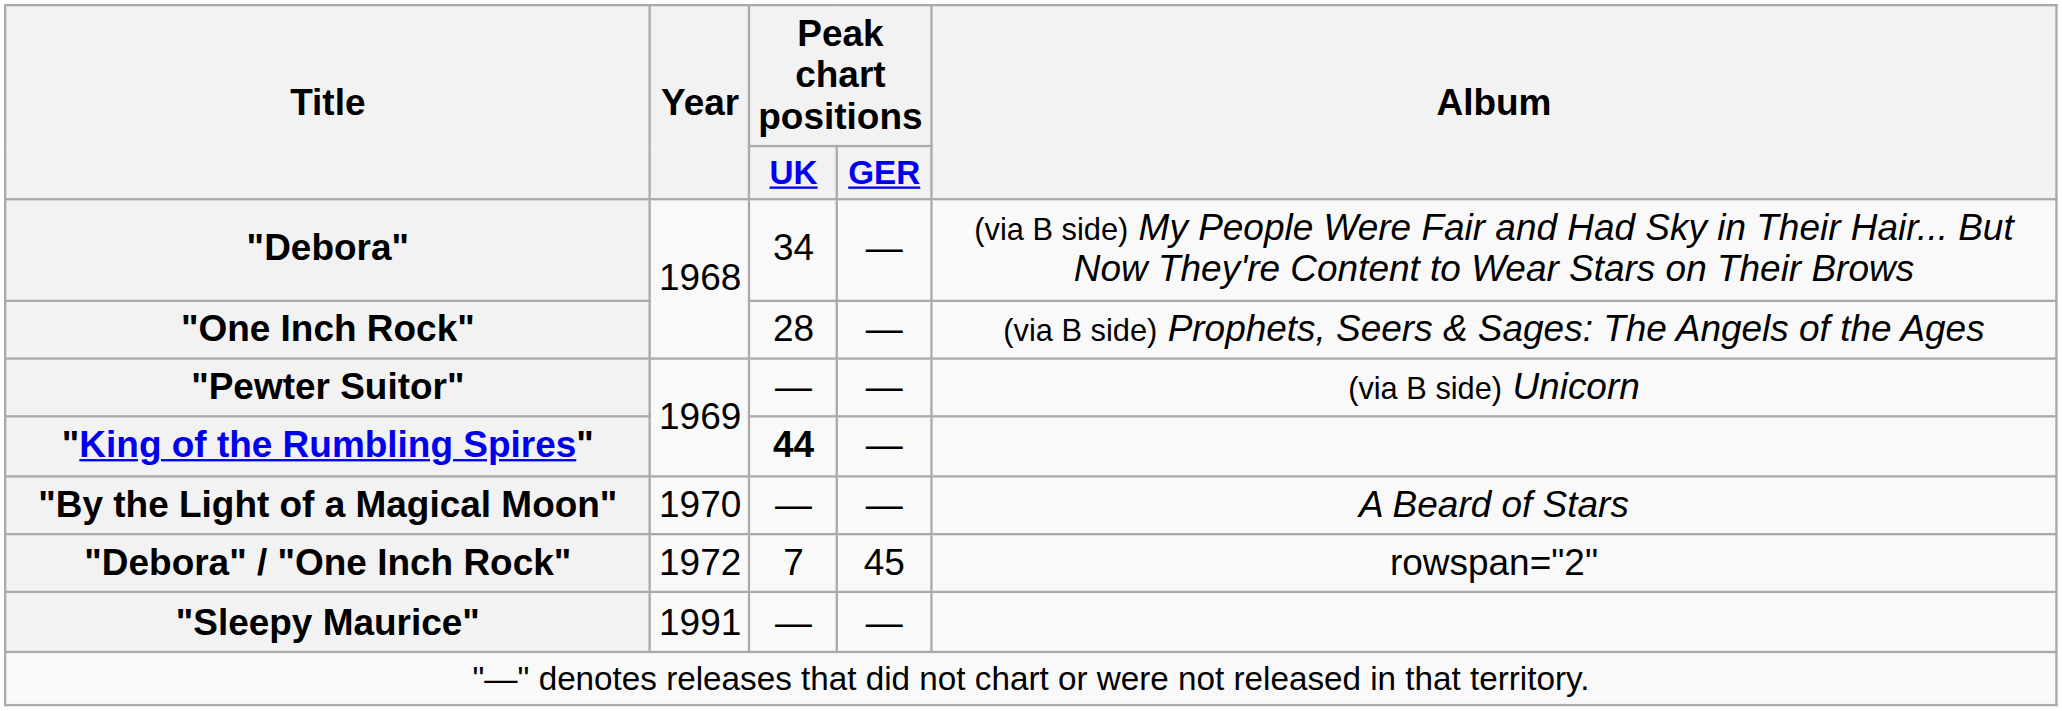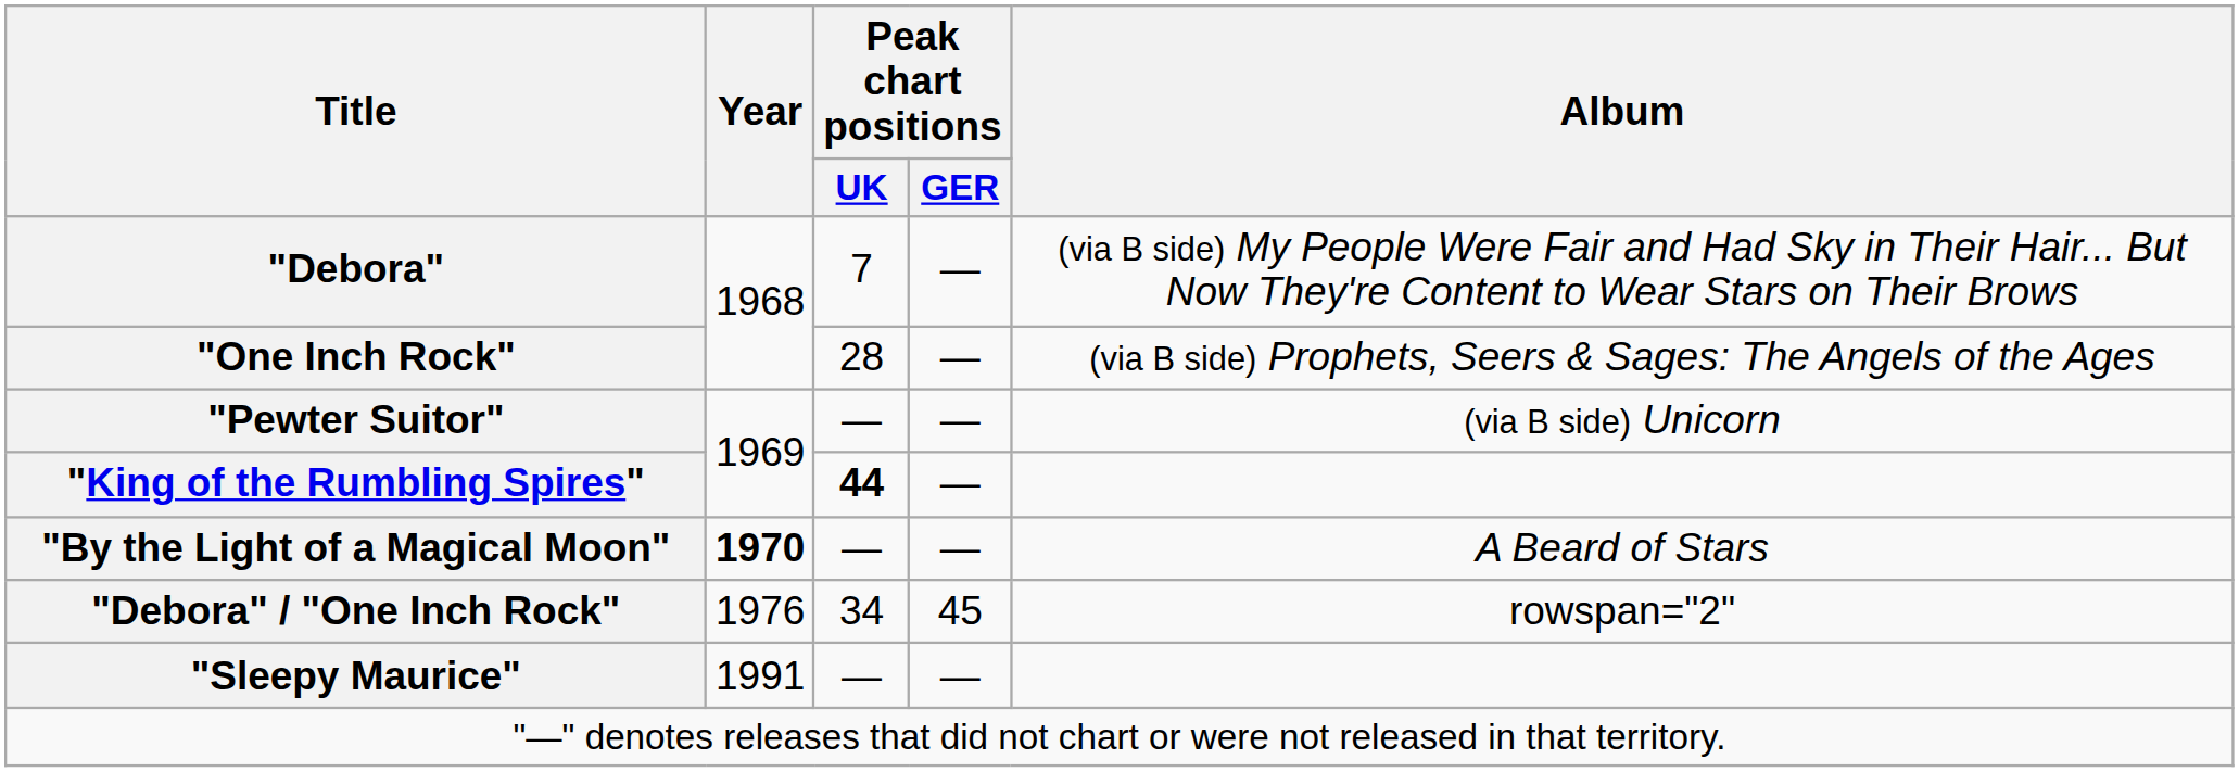 <table class="wikitable plainrowheaders" style="text-align:center;">
 <tr>
 <th rowspan="2" scope="col" style="width:17em;">Title</th>
 <th rowspan="2" scope="col" style="width:2em;">Year</th>
 <th colspan="2">Peak chart positions</th>
 <th rowspan="2" scope="col" style="width:30em;">Album</th>
 </tr>
 <tr>
 <th scope="col" style="width:2em;font-size:90%;"><a href='#'>UK</a><br></th>
 <th scope="col" style="width:2em;font-size:90%;"><a href='#'>GER</a><br></th>
 </tr>
 <tr>
 <th scope="row">"Debora"</th>
 <td rowspan="2">1968</td>
-<td>34</td>
+<td>7</td>
 <td>—</td>
 <td><small>(via B side)</small> <em>My People Were Fair and Had Sky in Their Hair... But Now They're Content to Wear Stars on Their Brows</em></td>
 </tr>
 <tr>
 <th scope="row">"One Inch Rock"</th>
 <td>28</td>
 <td>—</td>
 <td><small>(via B side)</small> <em>Prophets, Seers & Sages: The Angels of the Ages</em></td>
 </tr>
 <tr>
 <th scope="row">"Pewter Suitor"</th>
 <td rowspan="2">1969</td>
 <td>—</td>
 <td>—</td>
 <td><small>(via B side)</small> <em>Unicorn</em></td>
 </tr>
 <tr>
 <th scope="row">"<a href='#'>King of the Rumbling Spires</a>"</th>
 <td><strong>44</strong></td>
 <td>—</td>
 <td></td>
 </tr>
 <tr>
 <th scope="row">"By the Light of a Magical Moon"</th>
-<td>1970</td>
+<td><strong>1970</strong></td>
 <td>—</td>
 <td>—</td>
 <td><em>A Beard of Stars</em></td>
 </tr>
 <tr>
 <th scope="row">"Debora" / "One Inch Rock" </th>
-<td>1972</td>
-<td>7</td>
+<td>1976</td>
+<td>34</td>
 <td>45</td>
 <td>rowspan="2" </td>
 </tr>
 <tr>
 <th scope="row">"Sleepy Maurice"</th>
 <td>1991</td>
 <td>—</td>
 <td>—</td>
 </tr>
 <tr>
 <td colspan="5" style="font-size:90%">"—" denotes releases that did not chart or were not released in that territory.</td>
 </tr>
 </table>
